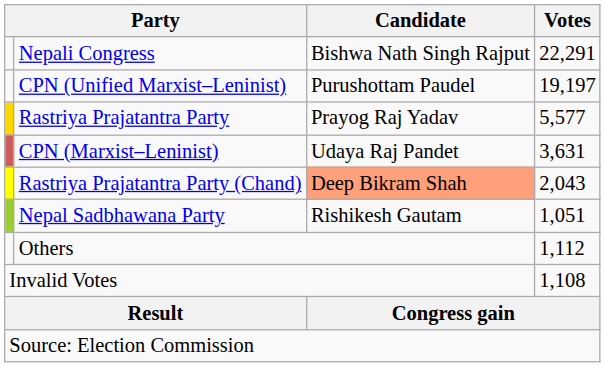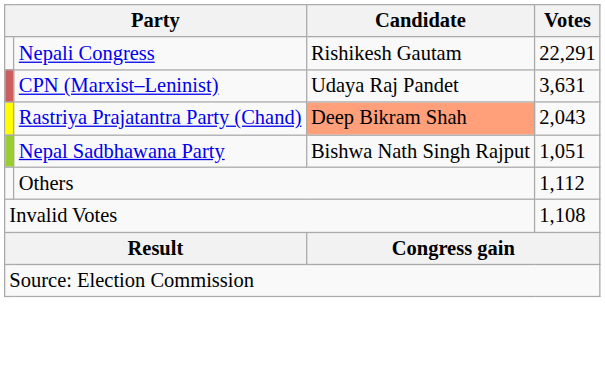 <table class="wikitable">
 <tr>
 <th colspan="2">Party</th>
 <th>Candidate</th>
 <th>Votes</th>
 </tr>
 <tr>
 <td style="background-color:"></td>
 <td><a href='#'>Nepali Congress</a></td>
-<td>Bishwa Nath Singh Rajput</td>
+<td>Rishikesh Gautam</td>
 <td>22,291</td>
-</tr>
-<tr>
-<td style="background-color:"></td>
-<td><a href='#'>CPN (Unified Marxist–Leninist)</a></td>
-<td>Purushottam Paudel</td>
-<td>19,197</td>
-</tr>
-<tr>
-<td style="background-color:gold"></td>
-<td><a href='#'>Rastriya Prajatantra Party</a></td>
-<td>Prayog Raj Yadav</td>
-<td>5,577</td>
 </tr>
 <tr>
 <td style="background-color:indianred"></td>
 <td><a href='#'>CPN (Marxist–Leninist)</a></td>
 <td>Udaya Raj Pandet</td>
 <td>3,631</td>
 </tr>
 <tr>
 <td style="background-color:yellow"></td>
 <td><a href='#'>Rastriya Prajatantra Party (Chand)</a></td>
 <td style="background: lightsalmon;">Deep Bikram Shah</td>
 <td>2,043</td>
 </tr>
 <tr>
 <td style="background-color:yellowgreen"></td>
 <td><a href='#'>Nepal Sadbhawana Party</a></td>
-<td>Rishikesh Gautam</td>
+<td>Bishwa Nath Singh Rajput</td>
 <td>1,051</td>
 </tr>
 <tr>
 <td></td>
 <td colspan="2">Others</td>
 <td>1,112</td>
 </tr>
 <tr>
 <td colspan="3">Invalid Votes</td>
 <td>1,108</td>
 </tr>
 <tr>
 <th colspan="2">Result</th>
 <th colspan="2">Congress gain</th>
 </tr>
 <tr>
 <td colspan="4">Source: Election Commission</td>
 </tr>
 </table>
